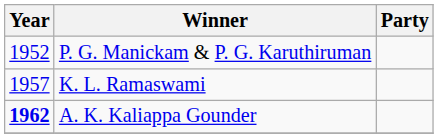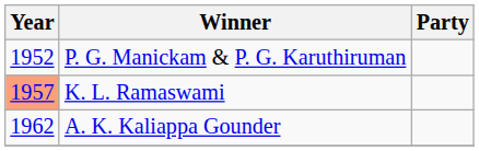 <table class="wikitable sortable">
 <tr>
 <th>Year</th>
 <th>Winner</th>
 <th colspan="2">Party</th>
 </tr>
 <tr>
 <td><a href='#'>1952</a></td>
 <td><a href='#'>P. G. Manickam</a> & <a href='#'>P. G. Karuthiruman</a></td>
 <td></td>
 </tr>
 <tr>
-<td><a href='#'>1957</a></td>
+<td style="background: lightsalmon;"><a href='#'>1957</a></td>
 <td><a href='#'>K. L. Ramaswami</a></td>
 <td></td>
 </tr>
 <tr>
-<td><strong><a href='#'>1962</a></strong></td>
+<td><a href='#'>1962</a></td>
 <td><a href='#'>A. K. Kaliappa Gounder</a></td>
 <td></td>
 </tr>
 <tr>
 </tr>
 </table>
